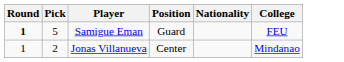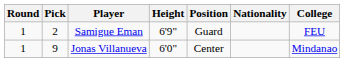 <table class="wikitable sortable sortable">
 <tr>
 <th>Round</th>
 <th>Pick</th>
 <th>Player</th>
+<th>Height</th>
 <th>Position</th>
 <th>Nationality</th>
 <th>College</th>
 </tr>
 <tr style="text-align: center">
-<td><strong>1</strong></td>
-<td>5</td>
+<td>1</td>
+<td>2</td>
 <td><a href='#'>Samigue Eman</a></td>
+<td>6'9"</td>
 <td>Guard</td>
 <td></td>
 <td><a href='#'>FEU</a></td>
 </tr>
 <tr style="text-align: center">
 <td>1</td>
-<td>2</td>
+<td>9</td>
 <td><a href='#'>Jonas Villanueva</a></td>
+<td>6'0"</td>
 <td>Center</td>
 <td></td>
 <td><a href='#'>Mindanao</a></td>
 </tr>
 </table>
